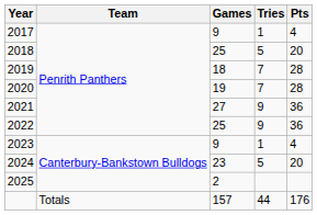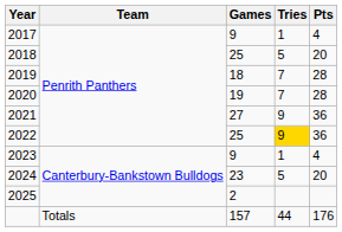 <table class="wikitable">
 <tr>
 <th>Year</th>
 <th>Team</th>
 <th>Games</th>
 <th>Tries</th>
 <th>Pts</th>
 </tr>
 <tr>
 <td>2017</td>
 <td rowspan="6"> <a href='#'>Penrith Panthers</a></td>
 <td>9</td>
 <td>1</td>
 <td>4</td>
 </tr>
 <tr>
 <td>2018</td>
 <td>25</td>
 <td>5</td>
 <td>20</td>
 </tr>
 <tr>
 <td>2019</td>
 <td>18</td>
 <td>7</td>
 <td>28</td>
 </tr>
 <tr>
 <td>2020</td>
 <td>19</td>
 <td>7</td>
 <td>28</td>
 </tr>
 <tr>
 <td>2021</td>
 <td>27</td>
 <td>9</td>
 <td>36</td>
 </tr>
 <tr>
 <td>2022</td>
 <td>25</td>
-<td>9</td>
+<td style="background: gold;">9</td>
 <td>36</td>
 </tr>
 <tr>
 <td>2023</td>
 <td rowspan="3"> <a href='#'>Canterbury-Bankstown Bulldogs</a></td>
 <td>9</td>
 <td>1</td>
 <td>4</td>
 </tr>
 <tr>
 <td>2024</td>
 <td>23</td>
 <td>5</td>
 <td>20</td>
 </tr>
 <tr>
 <td>2025</td>
 <td>2</td>
 <td></td>
 <td></td>
 </tr>
 <tr>
 <td></td>
 <td>Totals</td>
 <td>157</td>
 <td>44</td>
 <td>176</td>
 </tr>
 </table>
